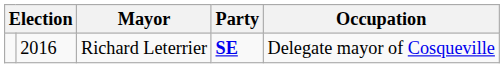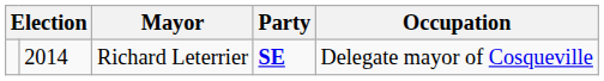 <table class="wikitable">
 <tr>
 <th colspan="2">Election</th>
 <th>Mayor</th>
 <th>Party</th>
 <th>Occupation</th>
 </tr>
 <tr>
 <td style="background-color: "></td>
-<td>2016</td>
+<td>2014</td>
 <td>Richard Leterrier</td>
 <td><strong><a href='#'>SE</a></strong></td>
 <td>Delegate mayor of <a href='#'>Cosqueville</a></td>
 </tr>
 </table>
